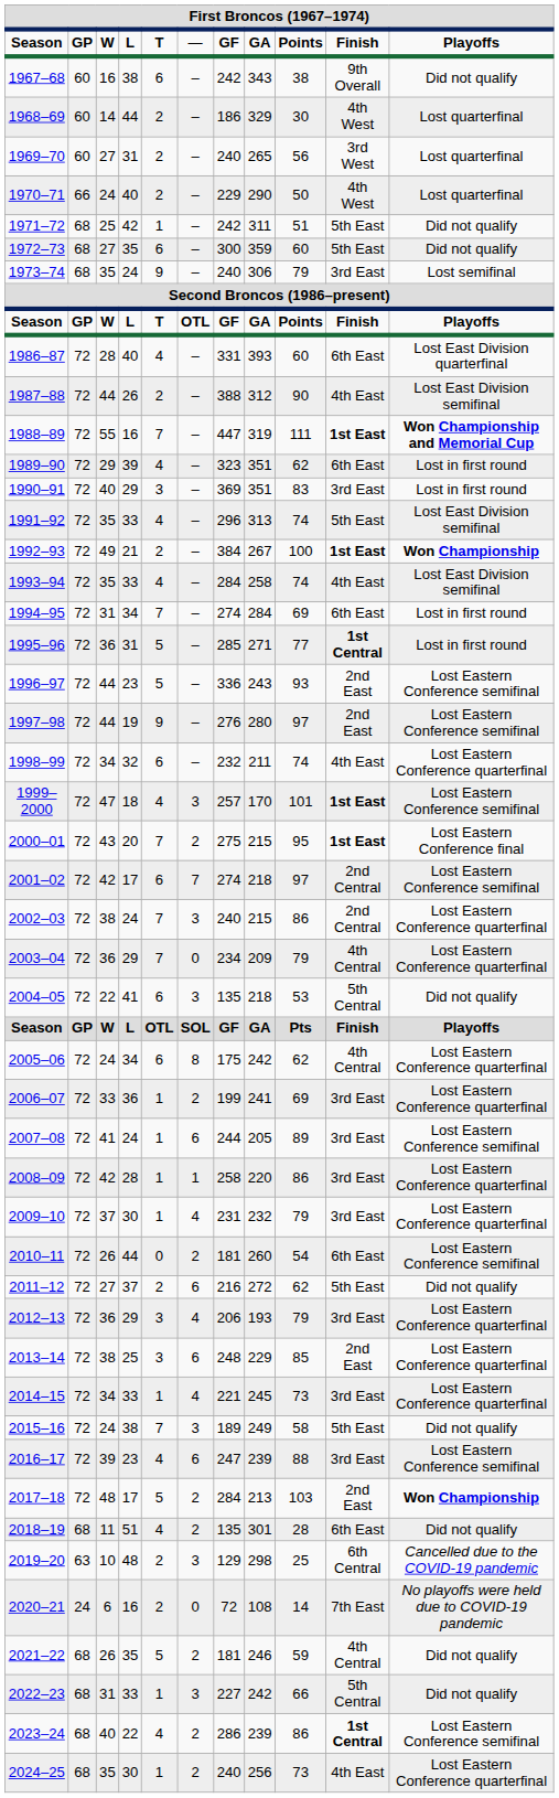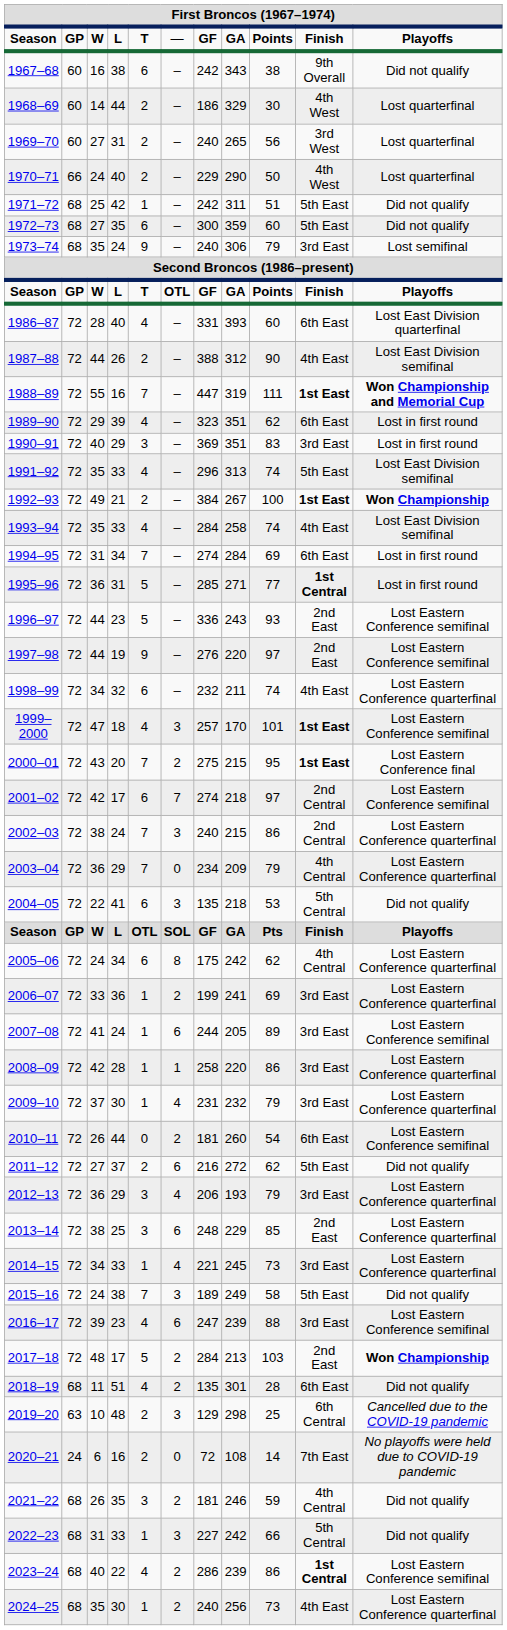 <table class="wikitable" style="text-align:center">
 <tr style="background:#dddddd">
 <td colspan="11"><strong>First Broncos (1967–1974)</strong></td>
 </tr>
 <tr align="center" style="bgcolor=#dddddd; border-top:#061F5C 5px solid; border-bottom:#166936 5px solid;">
 <td><strong>Season</strong></td>
 <td><strong>GP </strong></td>
 <td><strong> W </strong></td>
 <td><strong> L </strong></td>
 <td><strong> T </strong></td>
 <td>—</td>
 <td><strong>GF </strong></td>
 <td><strong>GA </strong></td>
 <td><strong>Points</strong></td>
 <td><strong>Finish</strong></td>
 <td><strong>Playoffs</strong></td>
 </tr>
 <tr align="center">
 <td><a href='#'>1967–68</a></td>
 <td>60</td>
 <td>16</td>
 <td>38</td>
 <td>6</td>
 <td>–</td>
 <td>242</td>
 <td>343</td>
 <td>38</td>
 <td>9th Overall</td>
 <td>Did not qualify</td>
 </tr>
 <tr align="center" bgcolor="#eeeeee">
 <td><a href='#'>1968–69</a></td>
 <td>60</td>
 <td>14</td>
 <td>44</td>
 <td>2</td>
 <td>–</td>
 <td>186</td>
 <td>329</td>
 <td>30</td>
 <td>4th West</td>
 <td>Lost quarterfinal</td>
 </tr>
 <tr align="center">
 <td><a href='#'>1969–70</a></td>
 <td>60</td>
 <td>27</td>
 <td>31</td>
 <td>2</td>
 <td>–</td>
 <td>240</td>
 <td>265</td>
 <td>56</td>
 <td>3rd West</td>
 <td>Lost quarterfinal</td>
 </tr>
 <tr align="center" bgcolor="#eeeeee">
 <td><a href='#'>1970–71</a></td>
 <td>66</td>
 <td>24</td>
 <td>40</td>
 <td>2</td>
 <td>–</td>
 <td>229</td>
 <td>290</td>
 <td>50</td>
 <td>4th West</td>
 <td>Lost quarterfinal</td>
 </tr>
 <tr align="center">
 <td><a href='#'>1971–72</a></td>
 <td>68</td>
 <td>25</td>
 <td>42</td>
 <td>1</td>
 <td>–</td>
 <td>242</td>
 <td>311</td>
 <td>51</td>
 <td>5th East</td>
 <td>Did not qualify</td>
 </tr>
 <tr align="center" bgcolor="#eeeeee">
 <td><a href='#'>1972–73</a></td>
 <td>68</td>
 <td>27</td>
 <td>35</td>
 <td>6</td>
 <td>–</td>
 <td>300</td>
 <td>359</td>
 <td>60</td>
 <td>5th East</td>
 <td>Did not qualify</td>
 </tr>
 <tr align="center">
 <td><a href='#'>1973–74</a></td>
 <td>68</td>
 <td>35</td>
 <td>24</td>
 <td>9</td>
 <td>–</td>
 <td>240</td>
 <td>306</td>
 <td>79</td>
 <td>3rd East</td>
 <td>Lost semifinal</td>
 </tr>
 <tr style="background:#dddddd">
 <td colspan="11"><strong>Second Broncos (1986–present)</strong></td>
 </tr>
 <tr align="center" style="bgcolor=#dddddd; border-top:#061F5C 5px solid; border-bottom:#166936 5px solid;">
 <td><strong>Season</strong></td>
 <td><strong>GP </strong></td>
 <td><strong> W </strong></td>
 <td><strong> L </strong></td>
 <td><strong> T </strong></td>
 <td><strong>OTL</strong></td>
 <td><strong>GF </strong></td>
 <td><strong>GA </strong></td>
 <td><strong>Points</strong></td>
 <td><strong>Finish</strong></td>
 <td><strong>Playoffs</strong></td>
 </tr>
 <tr align="center">
 <td><a href='#'>1986–87</a></td>
 <td>72</td>
 <td>28</td>
 <td>40</td>
 <td>4</td>
 <td>–</td>
 <td>331</td>
 <td>393</td>
 <td>60</td>
 <td>6th East</td>
 <td>Lost East Division quarterfinal</td>
 </tr>
 <tr align="center" bgcolor="#eeeeee">
 <td><a href='#'>1987–88</a></td>
 <td>72</td>
 <td>44</td>
 <td>26</td>
 <td>2</td>
 <td>–</td>
 <td>388</td>
 <td>312</td>
 <td>90</td>
 <td>4th East</td>
 <td>Lost East Division semifinal</td>
 </tr>
 <tr align="center">
 <td><a href='#'>1988–89</a></td>
 <td>72</td>
 <td>55</td>
 <td>16</td>
 <td>7</td>
 <td>–</td>
 <td>447</td>
 <td>319</td>
 <td>111</td>
 <td><strong>1st East</strong></td>
 <td><strong>Won <a href='#'>Championship</a> and <a href='#'>Memorial Cup</a></strong></td>
 </tr>
 <tr align="center" bgcolor="#eeeeee">
 <td><a href='#'>1989–90</a></td>
 <td>72</td>
 <td>29</td>
 <td>39</td>
 <td>4</td>
 <td>–</td>
 <td>323</td>
 <td>351</td>
 <td>62</td>
 <td>6th East</td>
 <td>Lost in first round</td>
 </tr>
 <tr align="center">
 <td><a href='#'>1990–91</a></td>
 <td>72</td>
 <td>40</td>
 <td>29</td>
 <td>3</td>
 <td>–</td>
 <td>369</td>
 <td>351</td>
 <td>83</td>
 <td>3rd East</td>
 <td>Lost in first round</td>
 </tr>
 <tr align="center" bgcolor="#eeeeee">
 <td><a href='#'>1991–92</a></td>
 <td>72</td>
 <td>35</td>
 <td>33</td>
 <td>4</td>
 <td>–</td>
 <td>296</td>
 <td>313</td>
 <td>74</td>
 <td>5th East</td>
 <td>Lost East Division semifinal</td>
 </tr>
 <tr align="center">
 <td><a href='#'>1992–93</a></td>
 <td>72</td>
 <td>49</td>
 <td>21</td>
 <td>2</td>
 <td>–</td>
 <td>384</td>
 <td>267</td>
 <td>100</td>
 <td><strong>1st East</strong></td>
 <td><strong>Won <a href='#'>Championship</a></strong></td>
 </tr>
 <tr align="center" bgcolor="#eeeeee">
 <td><a href='#'>1993–94</a></td>
 <td>72</td>
 <td>35</td>
 <td>33</td>
 <td>4</td>
 <td>–</td>
 <td>284</td>
 <td>258</td>
 <td>74</td>
 <td>4th East</td>
 <td>Lost East Division semifinal</td>
 </tr>
 <tr align="center">
 <td><a href='#'>1994–95</a></td>
 <td>72</td>
 <td>31</td>
 <td>34</td>
 <td>7</td>
 <td>–</td>
 <td>274</td>
 <td>284</td>
 <td>69</td>
 <td>6th East</td>
 <td>Lost in first round</td>
 </tr>
 <tr align="center" bgcolor="#eeeeee">
 <td><a href='#'>1995–96</a></td>
 <td>72</td>
 <td>36</td>
 <td>31</td>
 <td>5</td>
 <td>–</td>
 <td>285</td>
 <td>271</td>
 <td>77</td>
 <td><strong>1st Central</strong></td>
 <td>Lost in first round</td>
 </tr>
 <tr align="center">
 <td><a href='#'>1996–97</a></td>
 <td>72</td>
 <td>44</td>
 <td>23</td>
 <td>5</td>
 <td>–</td>
 <td>336</td>
 <td>243</td>
 <td>93</td>
 <td>2nd East</td>
 <td>Lost Eastern Conference semifinal</td>
 </tr>
 <tr align="center" bgcolor="#eeeeee">
 <td><a href='#'>1997–98</a></td>
 <td>72</td>
 <td>44</td>
 <td>19</td>
 <td>9</td>
 <td>–</td>
 <td>276</td>
-<td>280</td>
+<td>220</td>
 <td>97</td>
 <td>2nd East</td>
 <td>Lost Eastern Conference semifinal</td>
 </tr>
 <tr align="center">
 <td><a href='#'>1998–99</a></td>
 <td>72</td>
 <td>34</td>
 <td>32</td>
 <td>6</td>
 <td>–</td>
 <td>232</td>
 <td>211</td>
 <td>74</td>
 <td>4th East</td>
 <td>Lost Eastern Conference quarterfinal</td>
 </tr>
 <tr align="center" bgcolor="#eeeeee">
 <td><a href='#'>1999–2000</a></td>
 <td>72</td>
 <td>47</td>
 <td>18</td>
 <td>4</td>
 <td>3</td>
 <td>257</td>
 <td>170</td>
 <td>101</td>
 <td><strong>1st East</strong></td>
 <td>Lost Eastern Conference semifinal</td>
 </tr>
 <tr align="center">
 <td><a href='#'>2000–01</a></td>
 <td>72</td>
 <td>43</td>
 <td>20</td>
 <td>7</td>
 <td>2</td>
 <td>275</td>
 <td>215</td>
 <td>95</td>
 <td><strong>1st East</strong></td>
 <td>Lost Eastern Conference final</td>
 </tr>
 <tr align="center" bgcolor="#eeeeee">
 <td><a href='#'>2001–02</a></td>
 <td>72</td>
 <td>42</td>
 <td>17</td>
 <td>6</td>
 <td>7</td>
 <td>274</td>
 <td>218</td>
 <td>97</td>
 <td>2nd Central</td>
 <td>Lost Eastern Conference semifinal</td>
 </tr>
 <tr align="center">
 <td><a href='#'>2002–03</a></td>
 <td>72</td>
 <td>38</td>
 <td>24</td>
 <td>7</td>
 <td>3</td>
 <td>240</td>
 <td>215</td>
 <td>86</td>
 <td>2nd Central</td>
 <td>Lost Eastern Conference quarterfinal</td>
 </tr>
 <tr align="center" bgcolor="#eeeeee">
 <td><a href='#'>2003–04</a></td>
 <td>72</td>
 <td>36</td>
 <td>29</td>
 <td>7</td>
 <td>0</td>
 <td>234</td>
 <td>209</td>
 <td>79</td>
 <td>4th Central</td>
 <td>Lost Eastern Conference quarterfinal</td>
 </tr>
 <tr align="center">
 <td><a href='#'>2004–05</a></td>
 <td>72</td>
 <td>22</td>
 <td>41</td>
 <td>6</td>
 <td>3</td>
 <td>135</td>
 <td>218</td>
 <td>53</td>
 <td>5th Central</td>
 <td>Did not qualify</td>
 </tr>
 <tr bgcolor="#dddddd" | align="center">
 <td><strong>Season</strong></td>
 <td><strong>GP</strong></td>
 <td><strong>W</strong></td>
 <td><strong>L</strong></td>
 <td><strong>OTL</strong></td>
 <td><strong>SOL</strong></td>
 <td><strong>GF</strong></td>
 <td><strong>GA</strong></td>
 <td><strong>Pts</strong></td>
 <td><strong>Finish</strong></td>
 <td><strong>Playoffs</strong></td>
 </tr>
 <tr align="center">
 <td><a href='#'>2005–06</a></td>
 <td>72</td>
 <td>24</td>
 <td>34</td>
 <td>6</td>
 <td>8</td>
 <td>175</td>
 <td>242</td>
 <td>62</td>
 <td>4th Central</td>
 <td>Lost Eastern Conference quarterfinal</td>
 </tr>
 <tr align="center" bgcolor="#eeeeee">
 <td><a href='#'>2006–07</a></td>
 <td>72</td>
 <td>33</td>
 <td>36</td>
 <td>1</td>
 <td>2</td>
 <td>199</td>
 <td>241</td>
 <td>69</td>
 <td>3rd East</td>
 <td>Lost Eastern Conference quarterfinal</td>
 </tr>
 <tr align="center">
 <td><a href='#'>2007–08</a></td>
 <td>72</td>
 <td>41</td>
 <td>24</td>
 <td>1</td>
 <td>6</td>
 <td>244</td>
 <td>205</td>
 <td>89</td>
 <td>3rd East</td>
 <td>Lost Eastern Conference semifinal</td>
 </tr>
 <tr align="center" bgcolor="#eeeeee">
 <td><a href='#'>2008–09</a></td>
 <td>72</td>
 <td>42</td>
 <td>28</td>
 <td>1</td>
 <td>1</td>
 <td>258</td>
 <td>220</td>
 <td>86</td>
 <td>3rd East</td>
 <td>Lost Eastern Conference quarterfinal</td>
 </tr>
 <tr align="center">
 <td><a href='#'>2009–10</a></td>
 <td>72</td>
 <td>37</td>
 <td>30</td>
 <td>1</td>
 <td>4</td>
 <td>231</td>
 <td>232</td>
 <td>79</td>
 <td>3rd East</td>
 <td>Lost Eastern Conference quarterfinal</td>
 </tr>
 <tr align="center" bgcolor="#eeeeee">
 <td><a href='#'>2010–11</a></td>
 <td>72</td>
 <td>26</td>
 <td>44</td>
 <td>0</td>
 <td>2</td>
 <td>181</td>
 <td>260</td>
 <td>54</td>
 <td>6th East</td>
 <td>Lost Eastern Conference semifinal</td>
 </tr>
 <tr align="center">
 <td><a href='#'>2011–12</a></td>
 <td>72</td>
 <td>27</td>
 <td>37</td>
 <td>2</td>
 <td>6</td>
 <td>216</td>
 <td>272</td>
 <td>62</td>
 <td>5th East</td>
 <td>Did not qualify</td>
 </tr>
 <tr align="center" bgcolor="#eeeeee">
 <td><a href='#'>2012–13</a></td>
 <td>72</td>
 <td>36</td>
 <td>29</td>
 <td>3</td>
 <td>4</td>
 <td>206</td>
 <td>193</td>
 <td>79</td>
 <td>3rd East</td>
 <td>Lost Eastern Conference quarterfinal</td>
 </tr>
 <tr align="center">
 <td><a href='#'>2013–14</a></td>
 <td>72</td>
 <td>38</td>
 <td>25</td>
 <td>3</td>
 <td>6</td>
 <td>248</td>
 <td>229</td>
 <td>85</td>
 <td>2nd East</td>
 <td>Lost Eastern Conference quarterfinal</td>
 </tr>
 <tr align="center" bgcolor="#eeeeee">
 <td><a href='#'>2014–15</a></td>
 <td>72</td>
 <td>34</td>
 <td>33</td>
 <td>1</td>
 <td>4</td>
 <td>221</td>
 <td>245</td>
 <td>73</td>
 <td>3rd East</td>
 <td>Lost Eastern Conference quarterfinal</td>
 </tr>
 <tr align="center">
 <td><a href='#'>2015–16</a></td>
 <td>72</td>
 <td>24</td>
 <td>38</td>
 <td>7</td>
 <td>3</td>
 <td>189</td>
 <td>249</td>
 <td>58</td>
 <td>5th East</td>
 <td>Did not qualify</td>
 </tr>
 <tr align="center" bgcolor="#eeeeee">
 <td><a href='#'>2016–17</a></td>
 <td>72</td>
 <td>39</td>
 <td>23</td>
 <td>4</td>
 <td>6</td>
 <td>247</td>
 <td>239</td>
 <td>88</td>
 <td>3rd East</td>
 <td>Lost Eastern Conference semifinal</td>
 </tr>
 <tr align="center">
 <td><a href='#'>2017–18</a></td>
 <td>72</td>
 <td>48</td>
 <td>17</td>
 <td>5</td>
 <td>2</td>
 <td>284</td>
 <td>213</td>
 <td>103</td>
 <td>2nd East</td>
 <td><strong>Won <a href='#'>Championship</a></strong></td>
 </tr>
 <tr align="center" bgcolor="#eeeeee">
 <td><a href='#'>2018–19</a></td>
 <td>68</td>
 <td>11</td>
 <td>51</td>
 <td>4</td>
 <td>2</td>
 <td>135</td>
 <td>301</td>
 <td>28</td>
 <td>6th East</td>
 <td>Did not qualify</td>
 </tr>
 <tr align="center">
 <td><a href='#'>2019–20</a></td>
 <td>63</td>
 <td>10</td>
 <td>48</td>
 <td>2</td>
 <td>3</td>
 <td>129</td>
 <td>298</td>
 <td>25</td>
 <td>6th Central</td>
 <td><em>Cancelled due to the <a href='#'>COVID-19 pandemic</a></em></td>
 </tr>
 <tr align="center" bgcolor="#eeeeee">
 <td><a href='#'>2020–21</a></td>
 <td>24</td>
 <td>6</td>
 <td>16</td>
 <td>2</td>
 <td>0</td>
 <td>72</td>
 <td>108</td>
 <td>14</td>
 <td>7th East</td>
 <td><em>No playoffs were held due to COVID-19 pandemic</em></td>
 </tr>
 <tr align="center">
 <td><a href='#'>2021–22</a></td>
 <td>68</td>
 <td>26</td>
 <td>35</td>
-<td>5</td>
+<td>3</td>
 <td>2</td>
 <td>181</td>
 <td>246</td>
 <td>59</td>
 <td>4th Central</td>
 <td>Did not qualify</td>
 </tr>
 <tr align="center"bgcolor="#eeeeee">
 <td><a href='#'>2022–23</a></td>
 <td>68</td>
 <td>31</td>
 <td>33</td>
 <td>1</td>
 <td>3</td>
 <td>227</td>
 <td>242</td>
 <td>66</td>
 <td>5th Central</td>
 <td>Did not qualify</td>
 </tr>
 <tr align="center">
 <td><a href='#'>2023–24</a></td>
 <td>68</td>
 <td>40</td>
 <td>22</td>
 <td>4</td>
 <td>2</td>
 <td>286</td>
 <td>239</td>
 <td>86</td>
 <td><strong>1st Central</strong></td>
 <td>Lost Eastern Conference semifinal</td>
 </tr>
 <tr align="center"bgcolor="#eeeeee">
 <td><a href='#'>2024–25</a></td>
 <td>68</td>
 <td>35</td>
 <td>30</td>
 <td>1</td>
 <td>2</td>
 <td>240</td>
 <td>256</td>
 <td>73</td>
 <td>4th East</td>
 <td>Lost Eastern Conference quarterfinal</td>
 </tr>
 </table>
